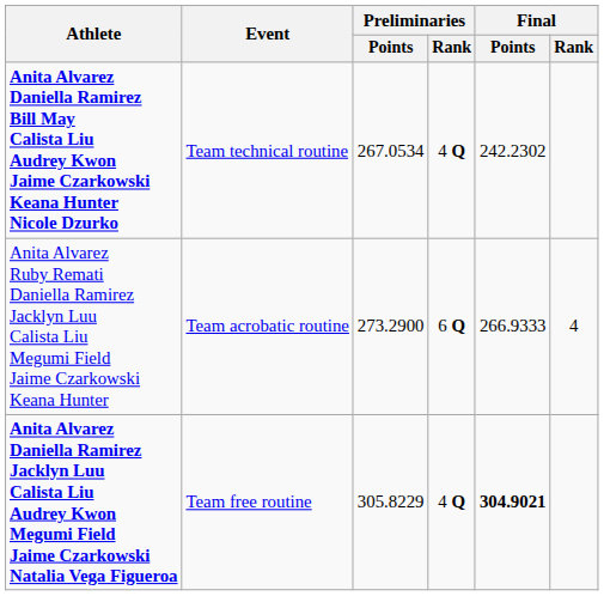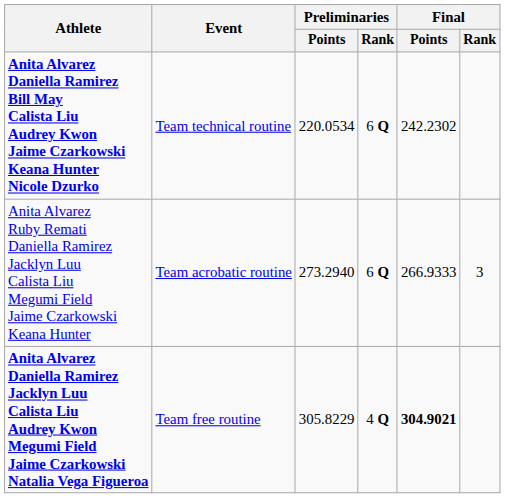 <table class="wikitable" style="text-align:center; font-size:90%;">
 <tr>
 <th rowspan="2">Athlete</th>
 <th rowspan="2">Event</th>
 <th colspan="2">Preliminaries</th>
 <th colspan="2">Final</th>
 </tr>
 <tr style="font-size:95%">
 <th>Points</th>
 <th>Rank</th>
 <th>Points</th>
 <th>Rank</th>
 </tr>
 <tr>
 <td align=left><strong><a href='#'>Anita Alvarez</a><br><a href='#'>Daniella Ramirez</a><br><a href='#'>Bill May</a><br><a href='#'>Calista Liu</a><br><a href='#'>Audrey Kwon</a><br><a href='#'>Jaime Czarkowski</a><br><a href='#'>Keana Hunter</a><br><a href='#'>Nicole Dzurko</a></strong></td>
 <td align=left><a href='#'>Team technical routine</a></td>
-<td>267.0534</td>
-<td>4 <strong>Q</strong></td>
+<td>220.0534</td>
+<td>6 <strong>Q</strong></td>
 <td>242.2302</td>
 <td></td>
 </tr>
 <tr>
 <td align=left><a href='#'>Anita Alvarez</a><br><a href='#'>Ruby Remati</a><br><a href='#'>Daniella Ramirez</a><br><a href='#'>Jacklyn Luu</a><br><a href='#'>Calista Liu</a><br><a href='#'>Megumi Field</a><br><a href='#'>Jaime Czarkowski</a><br><a href='#'>Keana Hunter</a></td>
 <td align=left><a href='#'>Team acrobatic routine</a></td>
-<td>273.2900</td>
+<td>273.2940</td>
 <td>6 <strong>Q</strong></td>
 <td>266.9333</td>
-<td>4</td>
+<td>3</td>
 </tr>
 <tr>
 <td align=left><strong><a href='#'>Anita Alvarez</a><br><a href='#'>Daniella Ramirez</a><br><a href='#'>Jacklyn Luu</a><br><a href='#'>Calista Liu</a><br><a href='#'>Audrey Kwon</a><br><a href='#'>Megumi Field</a><br><a href='#'>Jaime Czarkowski</a><br><a href='#'>Natalia Vega Figueroa</a></strong></td>
 <td align=left><a href='#'>Team free routine</a></td>
 <td>305.8229</td>
 <td>4 <strong>Q</strong></td>
 <td><strong>304.9021</strong></td>
 <td></td>
 </tr>
 </table>
